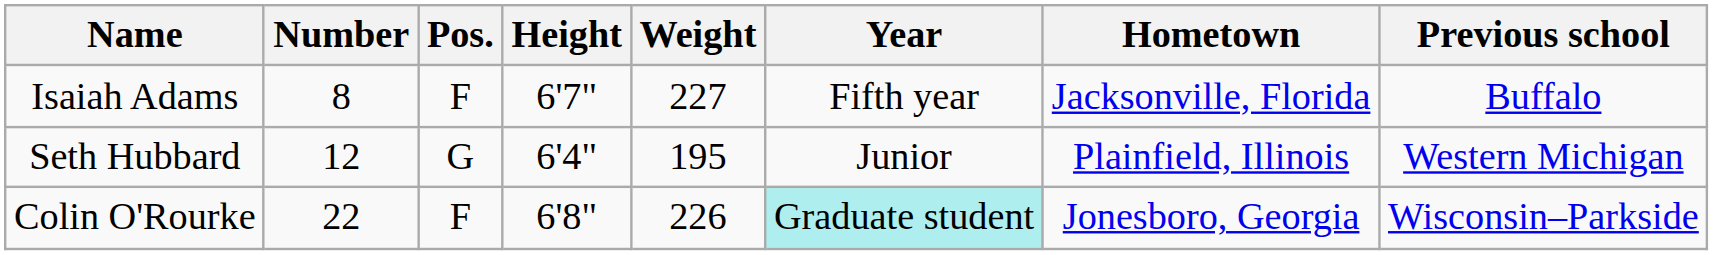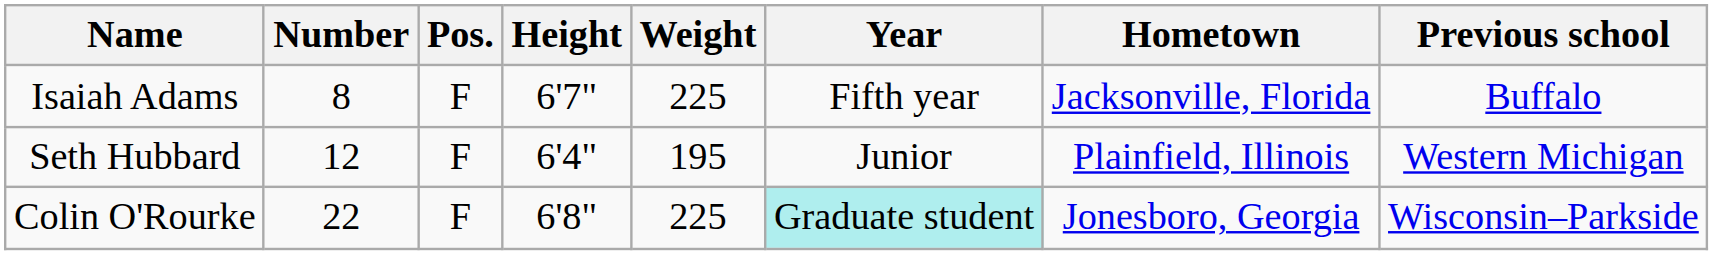 <table class="wikitable sortable" style="text-align:center">
 <tr align=center>
 <th>Name</th>
 <th>Number</th>
 <th>Pos.</th>
 <th>Height</th>
 <th>Weight</th>
 <th>Year</th>
 <th>Hometown</th>
 <th class="unsortable">Previous school</th>
 </tr>
 <tr>
 <td>Isaiah Adams</td>
 <td>8</td>
 <td>F</td>
 <td>6'7"</td>
-<td>227</td>
+<td>225</td>
 <td>Fifth year</td>
 <td><a href='#'>Jacksonville, Florida</a></td>
 <td><a href='#'>Buffalo</a></td>
 </tr>
 <tr>
 <td>Seth Hubbard</td>
 <td>12</td>
-<td>G</td>
+<td>F</td>
 <td>6'4"</td>
 <td>195</td>
 <td>Junior</td>
 <td><a href='#'>Plainfield, Illinois</a></td>
 <td><a href='#'>Western Michigan</a></td>
 </tr>
 <tr>
 <td>Colin O'Rourke</td>
 <td>22</td>
 <td>F</td>
 <td>6'8"</td>
-<td>226</td>
+<td>225</td>
 <td style="background: paleturquoise;">Graduate student</td>
 <td><a href='#'>Jonesboro, Georgia</a></td>
 <td><a href='#'>Wisconsin–Parkside</a></td>
 </tr>
 </table>
